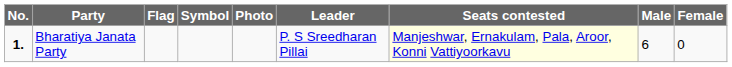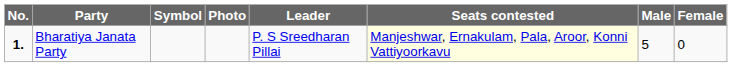 <table class="wikitable sortable" width="65%" style="font-size: 95%;">
 <tr>
 <th style="background-color:#666666; color:white">No.</th>
 <th style="background-color:#666666; color:white">Party</th>
-<th style="background-color:#666666; color:white">Flag</th>
 <th style="background-color:#666666; color:white">Symbol</th>
 <th style="background-color:#666666; color:white">Photo</th>
 <th style="background-color:#666666; color:white">Leader</th>
 <th style="background-color:#666666; color:white">Seats contested</th>
 <th style="background-color:#666666; color:white">Male</th>
 <th style="background-color:#666666; color:white">Female</th>
 </tr>
 <tr>
 <td ! style="text-align:center; background:"><strong>1.</strong></td>
 <td><a href='#'>Bharatiya Janata Party</a></td>
 <td></td>
 <td></td>
-<td></td>
 <td><a href='#'>P. S Sreedharan Pillai</a></td>
 <td style="background: lightyellow;"><a href='#'>Manjeshwar</a>, <a href='#'>Ernakulam</a>, <a href='#'>Pala</a>, <a href='#'>Aroor</a>, <a href='#'>Konni</a> <a href='#'>Vattiyoorkavu</a></td>
-<td>6</td>
+<td>5</td>
 <td>0</td>
 </tr>
 </table>
